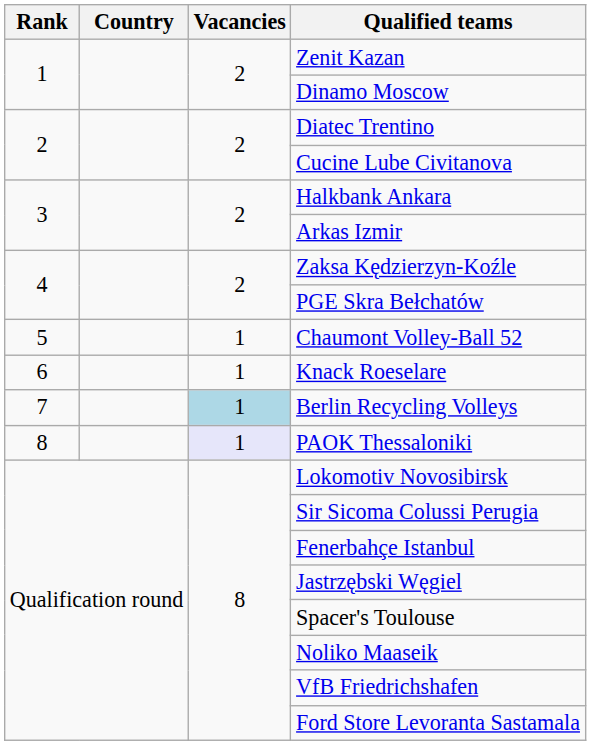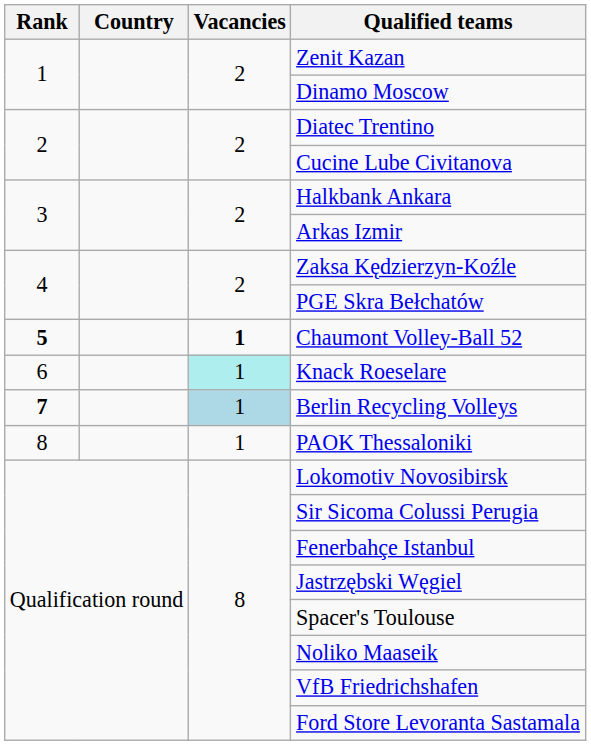 <table class="wikitable" style="text-align:left">
 <tr>
 <th>Rank</th>
 <th>Country</th>
 <th>Vacancies</th>
 <th>Qualified teams</th>
 </tr>
 <tr>
 <td align="center" rowspan="2">1</td>
 <td rowspan="2"></td>
 <td align="center" rowspan="2">2</td>
 <td><a href='#'>Zenit Kazan</a></td>
 </tr>
 <tr>
 <td><a href='#'>Dinamo Moscow</a></td>
 </tr>
 <tr>
 <td align="center" rowspan="2">2</td>
 <td rowspan="2"></td>
 <td align="center" rowspan="2">2</td>
 <td><a href='#'>Diatec Trentino</a></td>
 </tr>
 <tr>
 <td><a href='#'>Cucine Lube Civitanova</a></td>
 </tr>
 <tr>
 <td align="center" rowspan="2">3</td>
 <td rowspan="2"></td>
 <td align="center" rowspan="2">2</td>
 <td><a href='#'>Halkbank Ankara</a></td>
 </tr>
 <tr>
 <td><a href='#'>Arkas  Izmir</a></td>
 </tr>
 <tr>
 <td align="center" rowspan="2">4</td>
 <td rowspan="2"></td>
 <td align="center" rowspan="2">2</td>
 <td><a href='#'>Zaksa Kędzierzyn-Koźle</a></td>
 </tr>
 <tr>
 <td><a href='#'>PGE Skra Bełchatów</a></td>
 </tr>
 <tr>
-<td align="center">5</td>
+<td align="center"><strong>5</strong></td>
 <td></td>
-<td align="center">1</td>
+<td align="center"><strong>1</strong></td>
 <td><a href='#'>Chaumont Volley-Ball 52</a></td>
 </tr>
 <tr>
 <td align="center">6</td>
 <td></td>
-<td align="center">1</td>
+<td align="center" style="background: paleturquoise;">1</td>
 <td><a href='#'>Knack Roeselare</a></td>
 </tr>
 <tr>
-<td align="center">7</td>
+<td align="center"><strong>7</strong></td>
 <td></td>
 <td align="center" style="background: lightblue;">1</td>
 <td><a href='#'>Berlin Recycling Volleys</a></td>
 </tr>
 <tr>
 <td align="center">8</td>
 <td></td>
-<td align="center" style="background: lavender;">1</td>
+<td align="center">1</td>
 <td><a href='#'>PAOK Thessaloniki</a></td>
 </tr>
 <tr>
 <td colspan="2" rowspan="8">Qualification round</td>
 <td align="center" rowspan="8">8</td>
 <td><a href='#'>Lokomotiv Novosibirsk</a></td>
 </tr>
 <tr>
 <td><a href='#'>Sir Sicoma Colussi Perugia</a></td>
 </tr>
 <tr>
 <td><a href='#'>Fenerbahçe Istanbul</a></td>
 </tr>
 <tr>
 <td><a href='#'>Jastrzębski Węgiel</a></td>
 </tr>
 <tr>
 <td>Spacer's Toulouse</td>
 </tr>
 <tr>
 <td><a href='#'>Noliko Maaseik</a></td>
 </tr>
 <tr>
 <td><a href='#'>VfB Friedrichshafen</a></td>
 </tr>
 <tr>
 <td><a href='#'>Ford Store Levoranta Sastamala</a></td>
 </tr>
 </table>
